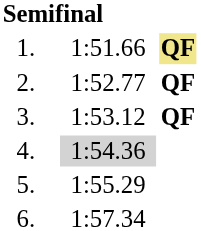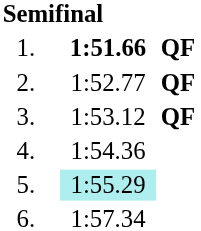 <table style="text-align:center">
 <tr>
 <td colspan=4 align=left><strong>Semifinal</strong></td>
 </tr>
 <tr>
 <td width=30>1.</td>
 <td align=left></td>
-<td width=60>1:51.66</td>
-<td style="background: khaki;"><strong>QF</strong></td>
+<td width=60><strong>1:51.66</strong></td>
+<td><strong>QF</strong></td>
 </tr>
 <tr>
 <td>2.</td>
 <td align=left></td>
 <td>1:52.77</td>
 <td><strong>QF</strong></td>
 </tr>
 <tr>
 <td>3.</td>
 <td align=left></td>
 <td>1:53.12</td>
 <td><strong>QF</strong></td>
 </tr>
 <tr>
 <td>4.</td>
 <td align=left></td>
-<td style="background: lightgrey;">1:54.36</td>
+<td>1:54.36</td>
 <td></td>
 </tr>
 <tr>
 <td>5.</td>
 <td align=left></td>
-<td>1:55.29</td>
+<td style="background: paleturquoise;">1:55.29</td>
 <td></td>
 </tr>
 <tr>
 <td>6.</td>
 <td align=left></td>
 <td>1:57.34</td>
 <td></td>
 </tr>
 </table>
